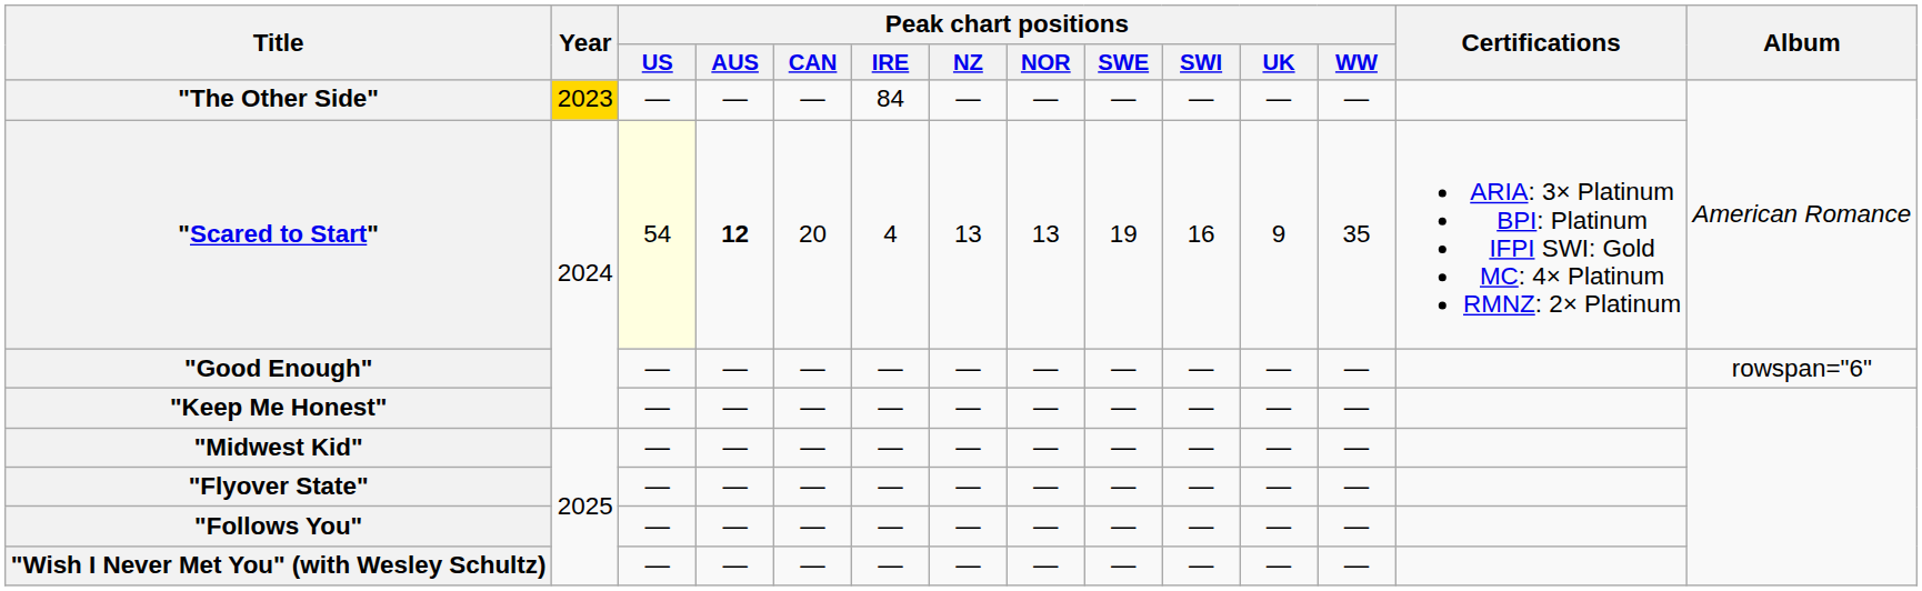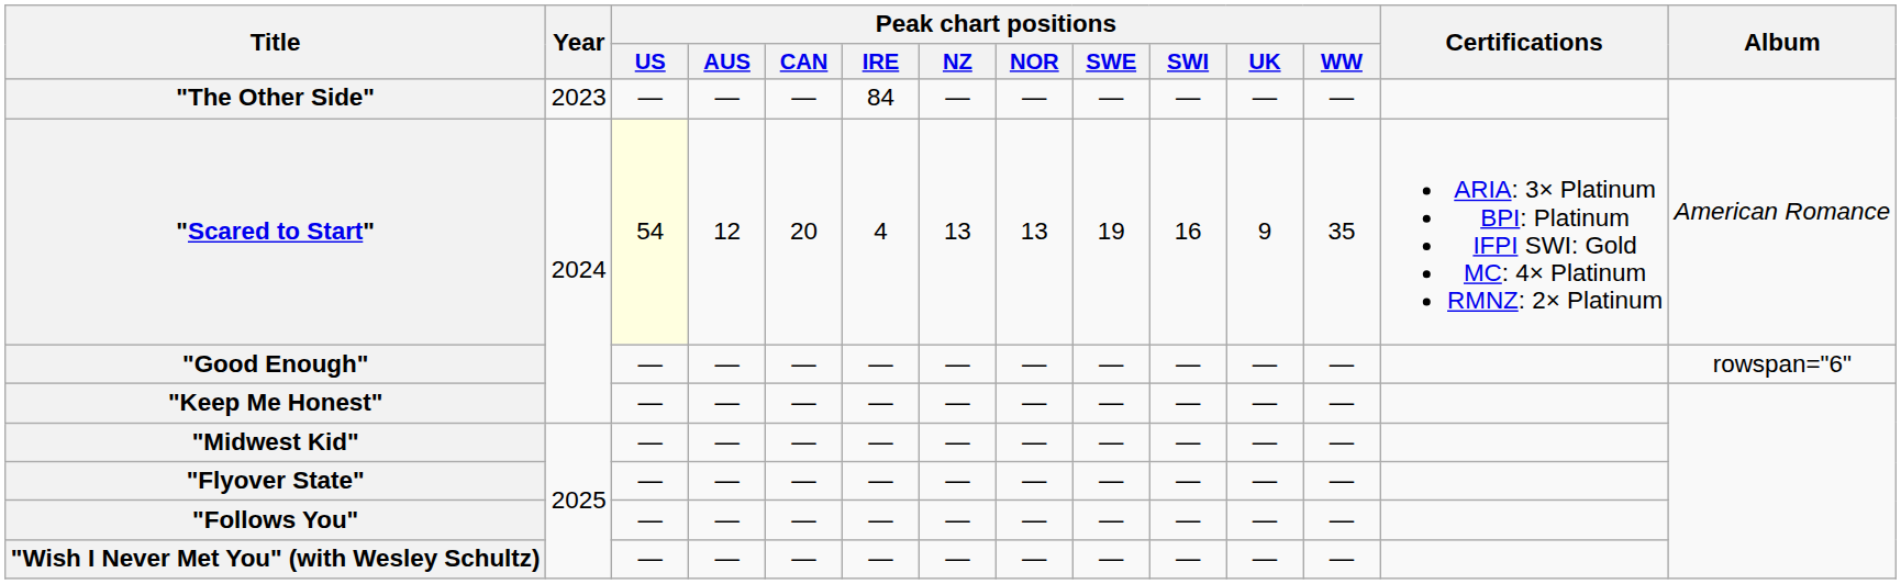 <table class="wikitable plainrowheaders" style="text-align:center;">
 <tr>
 <th scope="col" rowspan="2">Title</th>
 <th scope="col" rowspan="2">Year</th>
 <th scope="col" colspan="10">Peak chart positions</th>
 <th scope="col" rowspan="2">Certifications</th>
 <th scope="col" rowspan="2">Album</th>
 </tr>
 <tr>
 <th scope="col" style="width:3em;font-size:90%;"><a href='#'>US</a><br></th>
 <th scope="col" style="width:3em;font-size:90%;"><a href='#'>AUS</a><br></th>
 <th scope="col" style="width:3em;font-size:90%;"><a href='#'>CAN</a><br></th>
 <th scope="col" style="width:3em;font-size:90%;"><a href='#'>IRE</a><br></th>
 <th scope="col" style="width:3em;font-size:90%;"><a href='#'>NZ</a><br></th>
 <th scope="col" style="width:3em;font-size:90%;"><a href='#'>NOR</a><br></th>
 <th scope="col" style="width:3em;font-size:90%;"><a href='#'>SWE</a><br></th>
 <th scope="col" style="width:3em;font-size:90%;"><a href='#'>SWI</a><br></th>
 <th scope="col" style="width:3em;font-size:90%;"><a href='#'>UK</a><br></th>
 <th scope="col" style="width:3em;font-size:90%;"><a href='#'>WW</a><br></th>
 </tr>
 <tr>
 <th scope="row">"The Other Side"</th>
-<td style="background: gold;">2023</td>
+<td>2023</td>
 <td>—</td>
 <td>—</td>
 <td>—</td>
 <td>84</td>
 <td>—</td>
 <td>—</td>
 <td>—</td>
 <td>—</td>
 <td>—</td>
 <td>—</td>
 <td></td>
 <td rowspan="2"><em>American Romance</em></td>
 </tr>
 <tr>
 <th scope="row">"<a href='#'>Scared to Start</a>"</th>
 <td rowspan="3">2024</td>
 <td style="background: lightyellow;">54</td>
-<td><strong>12</strong></td>
+<td>12</td>
 <td>20</td>
 <td>4</td>
 <td>13</td>
 <td>13</td>
 <td>19</td>
 <td>16</td>
 <td>9</td>
 <td>35</td>
 <td><br><ul><li><a href='#'>ARIA</a>: 3× Platinum</li><li><a href='#'>BPI</a>: Platinum</li><li><a href='#'>IFPI</a> SWI: Gold</li><li><a href='#'>MC</a>: 4× Platinum</li><li><a href='#'>RMNZ</a>: 2× Platinum</li></ul></td>
 </tr>
 <tr>
 <th scope="row">"Good Enough"</th>
 <td>—</td>
 <td>—</td>
 <td>—</td>
 <td>—</td>
 <td>—</td>
 <td>—</td>
 <td>—</td>
 <td>—</td>
 <td>—</td>
 <td>—</td>
 <td></td>
 <td>rowspan="6" </td>
 </tr>
 <tr>
 <th scope="row">"Keep Me Honest"</th>
 <td>—</td>
 <td>—</td>
 <td>—</td>
 <td>—</td>
 <td>—</td>
 <td>—</td>
 <td>—</td>
 <td>—</td>
 <td>—</td>
 <td>—</td>
 <td></td>
 </tr>
 <tr>
 <th scope="row">"Midwest Kid"</th>
 <td rowspan="4">2025</td>
 <td>—</td>
 <td>—</td>
 <td>—</td>
 <td>—</td>
 <td>—</td>
 <td>—</td>
 <td>—</td>
 <td>—</td>
 <td>—</td>
 <td>—</td>
 <td></td>
 </tr>
 <tr>
 <th scope="row">"Flyover State"</th>
 <td>—</td>
 <td>—</td>
 <td>—</td>
 <td>—</td>
 <td>—</td>
 <td>—</td>
 <td>—</td>
 <td>—</td>
 <td>—</td>
 <td>—</td>
 <td></td>
 </tr>
 <tr>
 <th scope="row">"Follows You"</th>
 <td>—</td>
 <td>—</td>
 <td>—</td>
 <td>—</td>
 <td>—</td>
 <td>—</td>
 <td>—</td>
 <td>—</td>
 <td>—</td>
 <td>—</td>
 <td></td>
 </tr>
 <tr>
 <th scope="row">"Wish I Never Met You" (with Wesley Schultz)</th>
 <td>—</td>
 <td>—</td>
 <td>—</td>
 <td>—</td>
 <td>—</td>
 <td>—</td>
 <td>—</td>
 <td>—</td>
 <td>—</td>
 <td>—</td>
 <td></td>
 </tr>
 </table>
